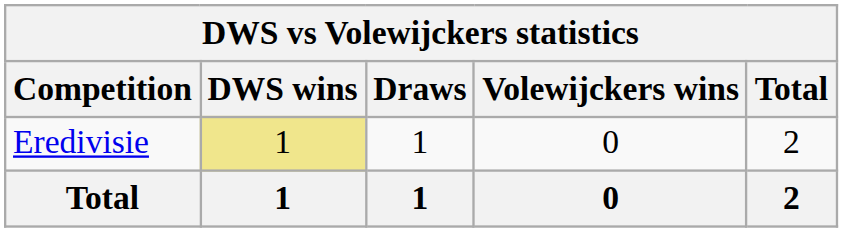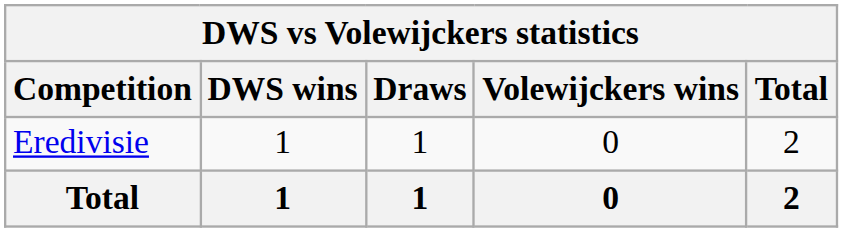 <table class="wikitable" style="font-size: 90%">
 <tr>
 <th colspan="5">DWS vs Volewijckers statistics</th>
 </tr>
 <tr>
 <th>Competition</th>
 <th>DWS wins</th>
 <th>Draws</th>
 <th>Volewijckers wins</th>
 <th>Total</th>
 </tr>
 <tr>
 <td><a href='#'>Eredivisie</a></td>
-<td style="background: khaki; text-align: center">1</td>
+<td style="text-align: center">1</td>
 <td style="text-align: center">1</td>
 <td style="text-align: center">0</td>
 <td style="text-align: center">2</td>
 </tr>
 <tr>
 <th>Total</th>
 <th>1</th>
 <th>1</th>
 <th>0</th>
 <th>2</th>
 </tr>
 </table>
